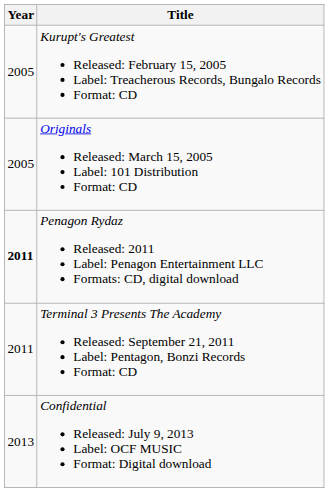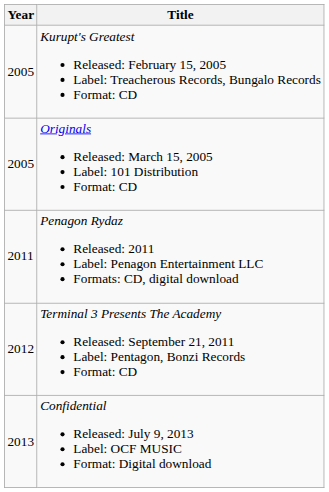 <table class="wikitable">
 <tr>
 <th>Year</th>
 <th>Title</th>
 </tr>
 <tr>
 <td>2005</td>
 <td><em>Kurupt's Greatest</em><br><ul><li>Released: February 15, 2005</li><li>Label: Treacherous Records, Bungalo Records</li><li>Format: CD</li></ul></td>
 </tr>
 <tr>
 <td>2005</td>
 <td><em><a href='#'>Originals</a></em><br><ul><li>Released: March 15, 2005</li><li>Label: 101 Distribution</li><li>Format: CD</li></ul></td>
 </tr>
 <tr>
-<td><strong>2011</strong></td>
+<td>2011</td>
 <td><em>Penagon Rydaz</em><br><ul><li>Released:  2011</li><li>Label: Penagon Entertainment LLC</li><li>Formats: CD, digital download</li></ul></td>
 </tr>
 <tr>
-<td>2011</td>
+<td>2012</td>
 <td><em>Terminal 3 Presents The Academy</em><br><ul><li>Released: September 21, 2011</li><li>Label: Pentagon, Bonzi Records</li><li>Format: CD</li></ul></td>
 </tr>
 <tr>
 <td>2013</td>
 <td><em>Confidential</em><br><ul><li>Released: July 9, 2013</li><li>Label: OCF MUSIC</li><li>Format: Digital download</li></ul></td>
 </tr>
 </table>
